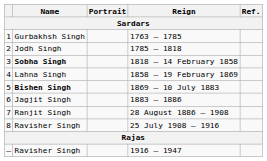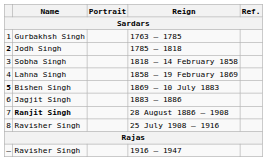 <table class="wikitable">
 <tr>
 <th></th>
 <th>Name<br></th>
 <th>Portrait</th>
 <th class="unsortable">Reign</th>
 <th>Ref.</th>
 </tr>
 <tr>
 <th colspan="5"><strong>Sardars</strong></th>
 </tr>
 <tr>
 <td>1</td>
 <td>Gurbakhsh Singh<br></td>
 <td></td>
 <td>1763 – 1785</td>
 <td></td>
 </tr>
 <tr>
-<td>2</td>
+<td><strong>2</strong></td>
 <td>Jodh Singh<br></td>
 <td></td>
 <td>1785 – 1818</td>
 <td></td>
 </tr>
 <tr>
 <td>3</td>
-<td><strong>Sobha Singh<br></strong></td>
+<td>Sobha Singh<br></td>
 <td></td>
 <td>1818 – 14 February 1858</td>
 <td></td>
 </tr>
 <tr>
 <td>4</td>
 <td>Lahna Singh<br></td>
 <td></td>
 <td>1858 – 19 February 1869</td>
 <td></td>
 </tr>
 <tr>
-<td>5</td>
-<td><strong>Bishen Singh<br></strong></td>
+<td><strong>5</strong></td>
+<td>Bishen Singh<br></td>
 <td></td>
 <td>1869 – 10 July 1883</td>
 <td></td>
 </tr>
 <tr>
 <td>6</td>
 <td>Jagjit Singh<br></td>
 <td></td>
 <td>1883 – 1886</td>
 <td></td>
 </tr>
 <tr>
 <td>7</td>
-<td>Ranjit Singh<br></td>
+<td><strong>Ranjit Singh<br></strong></td>
 <td></td>
 <td>28 August 1886 – 1908</td>
 <td></td>
 </tr>
 <tr>
 <td>8</td>
 <td>Ravisher Singh<br></td>
 <td></td>
 <td>25 July 1908 – 1916</td>
 <td></td>
 </tr>
 <tr>
 <th colspan="5">Rajas</th>
 </tr>
 <tr>
 <td>–</td>
 <td>Ravisher Singh<br></td>
 <td></td>
 <td>1916 – 1947</td>
 <td></td>
 </tr>
 </table>
